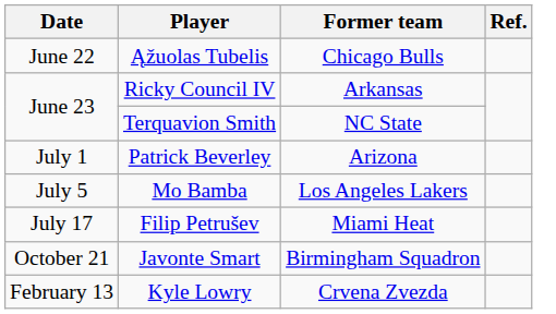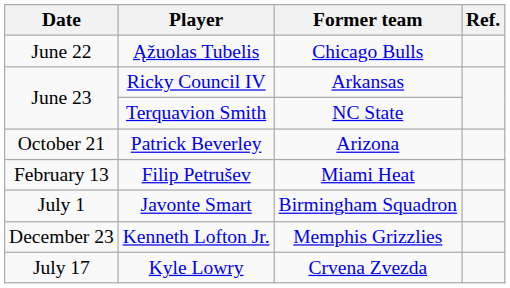 <table class="wikitable sortable sortable" style="text-align: center">
 <tr>
 <th>Date</th>
 <th>Player</th>
 <th>Former team</th>
 <th>Ref.</th>
 </tr>
 <tr>
 <td>June 22</td>
 <td><a href='#'>Ąžuolas Tubelis</a></td>
 <td><a href='#'>Chicago Bulls</a></td>
 <td></td>
 </tr>
 <tr>
 <td rowspan=2>June 23</td>
 <td><a href='#'>Ricky Council IV</a></td>
 <td><a href='#'>Arkansas</a></td>
 <td rowspan=2></td>
 </tr>
 <tr>
 <td><a href='#'>Terquavion Smith</a></td>
 <td><a href='#'>NC State</a></td>
 </tr>
 <tr>
-<td>July 1</td>
+<td>October 21</td>
 <td><a href='#'>Patrick Beverley</a></td>
 <td><a href='#'>Arizona</a></td>
 <td></td>
 </tr>
 <tr>
-<td>July 5</td>
-<td><a href='#'>Mo Bamba</a></td>
-<td><a href='#'>Los Angeles Lakers</a></td>
-<td></td>
-</tr>
-<tr>
-<td>July 17</td>
+<td>February 13</td>
 <td><a href='#'>Filip Petrušev</a></td>
 <td><a href='#'>Miami Heat</a></td>
 <td></td>
 </tr>
 <tr>
-<td>October 21</td>
+<td>July 1</td>
 <td><a href='#'>Javonte Smart</a></td>
 <td><a href='#'>Birmingham Squadron</a></td>
 <td></td>
 </tr>
 <tr>
-<td>February 13</td>
+<td>December 23</td>
+<td><a href='#'>Kenneth Lofton Jr.</a></td>
+<td><a href='#'>Memphis Grizzlies</a></td>
+<td></td>
+</tr>
+<tr>
+<td>July 17</td>
 <td><a href='#'>Kyle Lowry</a></td>
 <td><a href='#'>Crvena Zvezda</a></td>
 <td></td>
 </tr>
 </table>
